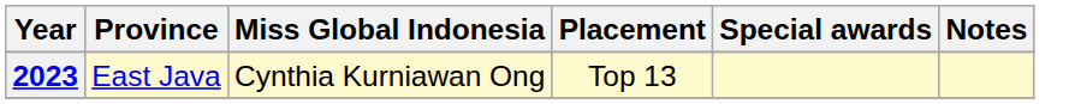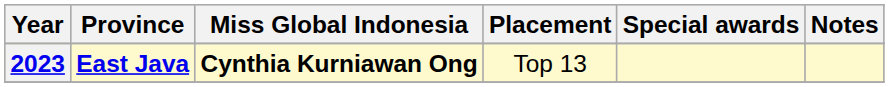 <table class="wikitable " style="font-size: 95%; text-align:center;">
 <tr>
 <th>Year</th>
 <th>Province</th>
 <th>Miss Global Indonesia</th>
 <th>Placement</th>
 <th>Special awards</th>
 <th>Notes</th>
 </tr>
 <tr>
 </tr>
 <tr style="background-color:#FFFACD">
 <th><a href='#'>2023</a></th>
-<td><a href='#'>East Java</a></td>
-<td>Cynthia Kurniawan Ong</td>
+<td><strong><a href='#'>East Java</a></strong></td>
+<td><strong>Cynthia Kurniawan Ong</strong></td>
 <td>Top 13</td>
 <td></td>
 <td></td>
 </tr>
 <tr>
 </tr>
 </table>
